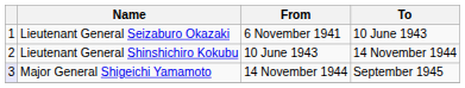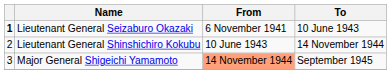 <table class=wikitable>
 <tr>
 <th></th>
 <th>Name</th>
 <th>From</th>
 <th>To</th>
 </tr>
 <tr>
-<td>1</td>
+<td><strong>1</strong></td>
 <td>Lieutenant General <a href='#'>Seizaburo Okazaki</a></td>
 <td>6 November 1941</td>
 <td>10 June 1943</td>
 </tr>
 <tr>
 <td>2</td>
 <td>Lieutenant General <a href='#'>Shinshichiro Kokubu</a></td>
 <td>10 June 1943</td>
 <td>14 November 1944</td>
 </tr>
 <tr>
-<td style="background: lavender;">3</td>
+<td>3</td>
 <td>Major General <a href='#'>Shigeichi Yamamoto</a></td>
-<td>14 November 1944</td>
+<td style="background: lightsalmon;">14 November 1944</td>
 <td>September 1945</td>
 </tr>
 <tr>
 </tr>
 </table>
